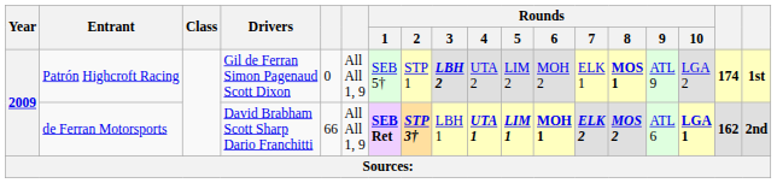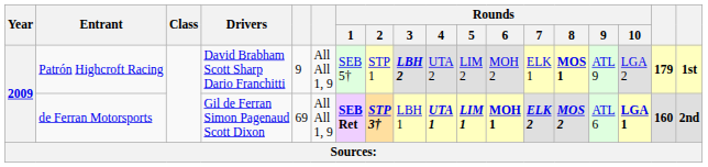 <table class="wikitable">
 <tr>
 <th rowspan="2">Year</th>
 <th rowspan="2">Entrant</th>
 <th rowspan="2">Class</th>
 <th rowspan="2">Drivers</th>
 <th rowspan="2"></th>
 <th rowspan="2"></th>
 <th colspan="10">Rounds</th>
 <th rowspan="2"></th>
 <th rowspan="2"></th>
 </tr>
 <tr>
 <th>1</th>
 <th>2</th>
 <th>3</th>
 <th>4</th>
 <th>5</th>
 <th>6</th>
 <th>7</th>
 <th>8</th>
 <th>9</th>
 <th>10</th>
 </tr>
 <tr>
 <th rowspan="2"><a href='#'>2009</a></th>
 <td> <a href='#'>Patrón</a> <a href='#'>Highcroft Racing</a></td>
 <td rowspan="2"></td>
-<td> <a href='#'>Gil de Ferran</a><br> <a href='#'>Simon Pagenaud</a><br> <a href='#'>Scott Dixon</a></td>
-<td>0</td>
+<td> <a href='#'>David Brabham</a><br> <a href='#'>Scott Sharp</a><br> <a href='#'>Dario Franchitti</a></td>
+<td>9</td>
 <td>All<br>All<br>1, 9</td>
 <td style="background:#DFFFDF;"><a href='#'>SEB</a><br>5†</td>
 <td style="background:#FFFFBF;”"><a href='#'>STP</a><br>1</td>
 <td style="background:#DFDFDF;”"><strong><em><a href='#'>LBH</a><br>2</em></strong></td>
 <td style="background:#DFDFDF;”"><a href='#'>UTA</a><br>2</td>
 <td style="background:#DFDFDF;”"><a href='#'>LIM</a><br>2</td>
 <td style="background:#DFDFDF;”"><a href='#'>MOH</a><br>2</td>
 <td style="background:#FFFFBF;”"><a href='#'>ELK</a><br>1</td>
 <td style="background:#FFFFBF;”"><strong><a href='#'>MOS</a><br>1</strong></td>
 <td style="background:#DFFFDF;"><a href='#'>ATL</a><br>9</td>
 <td style="background:#DFDFDF;”"><a href='#'>LGA</a><br>2</td>
-<th style="background:#FFFFBF;”">174</th>
+<th style="background:#FFFFBF;”">179</th>
 <th style="background:#FFFFBF;”">1st</th>
 </tr>
 <tr>
 <td> <a href='#'>de Ferran Motorsports</a></td>
-<td> <a href='#'>David Brabham</a><br> <a href='#'>Scott Sharp</a><br> <a href='#'>Dario Franchitti</a></td>
-<td>66</td>
+<td> <a href='#'>Gil de Ferran</a><br> <a href='#'>Simon Pagenaud</a><br> <a href='#'>Scott Dixon</a></td>
+<td>69</td>
 <td>All<br>All<br>1, 9</td>
 <td style="background:#EFCFFF;"><strong><a href='#'>SEB</a><br>Ret</strong></td>
 <td style="background:#FFDF9F;”"><strong><em><a href='#'>STP</a><br>3†</em></strong></td>
 <td style="background:#FFFFBF;”"><a href='#'>LBH</a><br>1</td>
 <td style="background:#FFFFBF;”"><strong><em><a href='#'>UTA</a><br>1</em></strong></td>
 <td style="background:#FFFFBF;”"><strong><em><a href='#'>LIM</a><br>1</em></strong></td>
 <td style="background:#FFFFBF;”"><strong><a href='#'>MOH</a><br>1</strong></td>
 <td style="background:#DFDFDF;”"><strong><em><a href='#'>ELK</a><br>2</em></strong></td>
 <td style="background:#DFDFDF;”"><strong><em><a href='#'>MOS</a><br>2</em></strong></td>
 <td style="background:#DFFFDF;"><a href='#'>ATL</a><br>6</td>
 <td style="background:#FFFFBF;”"><strong><a href='#'>LGA</a><br>1</strong></td>
-<th style="background:#DFDFDF;”">162</th>
+<th style="background:#DFDFDF;”">160</th>
 <th style="background:#DFDFDF;”">2nd</th>
 </tr>
 <tr>
 <th colspan="18">Sources:</th>
 </tr>
 </table>
